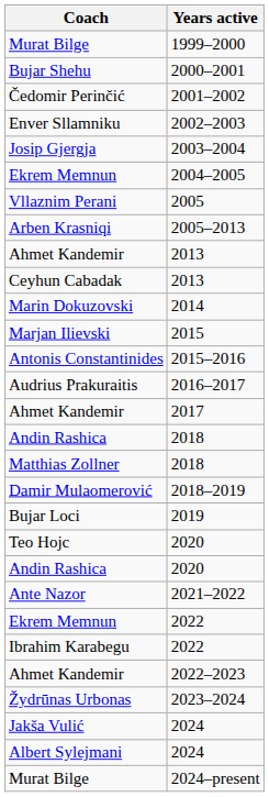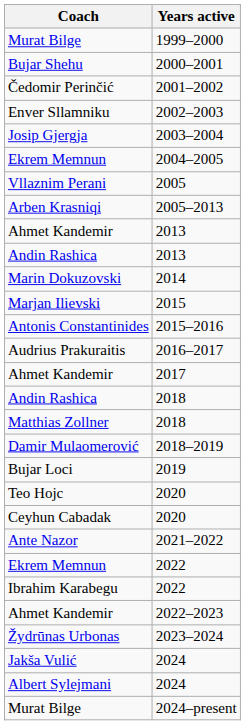 <table class="wikitable">
 <tr>
 <th>Coach</th>
 <th>Years active</th>
 </tr>
 <tr>
 <td> <a href='#'>Murat Bilge</a></td>
 <td>1999–2000</td>
 </tr>
 <tr>
 <td> <a href='#'>Bujar Shehu</a></td>
 <td>2000–2001</td>
 </tr>
 <tr>
 <td> Čedomir Perinčić</td>
 <td>2001–2002</td>
 </tr>
 <tr>
 <td> Enver Sllamniku</td>
 <td>2002–2003</td>
 </tr>
 <tr>
 <td> <a href='#'>Josip Gjergja</a></td>
 <td>2003–2004</td>
 </tr>
 <tr>
 <td> <a href='#'>Ekrem Memnun</a></td>
 <td>2004–2005</td>
 </tr>
 <tr>
 <td> <a href='#'>Vllaznim Perani</a></td>
 <td>2005</td>
 </tr>
 <tr>
 <td> <a href='#'>Arben Krasniqi</a></td>
 <td>2005–2013</td>
 </tr>
 <tr>
 <td> Ahmet Kandemir</td>
 <td>2013</td>
 </tr>
 <tr>
-<td> Ceyhun Cabadak</td>
+<td> <a href='#'>Andin Rashica</a></td>
 <td>2013</td>
 </tr>
 <tr>
 <td> <a href='#'>Marin Dokuzovski</a></td>
 <td>2014</td>
 </tr>
 <tr>
 <td> <a href='#'>Marjan Ilievski</a></td>
 <td>2015</td>
 </tr>
 <tr>
 <td> <a href='#'>Antonis Constantinides</a></td>
 <td>2015–2016</td>
 </tr>
 <tr>
 <td> Audrius Prakuraitis</td>
 <td>2016–2017</td>
 </tr>
 <tr>
 <td> Ahmet Kandemir</td>
 <td>2017</td>
 </tr>
 <tr>
 <td> <a href='#'>Andin Rashica</a></td>
 <td>2018</td>
 </tr>
 <tr>
 <td> <a href='#'>Matthias Zollner</a></td>
 <td>2018</td>
 </tr>
 <tr>
 <td> <a href='#'>Damir Mulaomerović</a></td>
 <td>2018–2019</td>
 </tr>
 <tr>
 <td> Bujar Loci</td>
 <td>2019</td>
 </tr>
 <tr>
 <td> Teo Hojc</td>
 <td>2020</td>
 </tr>
 <tr>
-<td> <a href='#'>Andin Rashica</a></td>
+<td> Ceyhun Cabadak</td>
 <td>2020</td>
 </tr>
 <tr>
 <td> <a href='#'>Ante Nazor</a></td>
 <td>2021–2022</td>
 </tr>
 <tr>
 <td> <a href='#'>Ekrem Memnun</a></td>
 <td>2022</td>
 </tr>
 <tr>
 <td> Ibrahim Karabegu</td>
 <td>2022</td>
 </tr>
 <tr>
 <td> Ahmet Kandemir</td>
 <td>2022–2023</td>
 </tr>
 <tr>
 <td> <a href='#'>Žydrūnas Urbonas</a></td>
 <td>2023–2024</td>
 </tr>
 <tr>
 <td> <a href='#'>Jakša Vulić</a></td>
 <td>2024</td>
 </tr>
 <tr>
 <td> <a href='#'>Albert Sylejmani</a></td>
 <td>2024</td>
 </tr>
 <tr>
 <td> Murat Bilge</td>
 <td>2024–present</td>
 </tr>
 </table>
